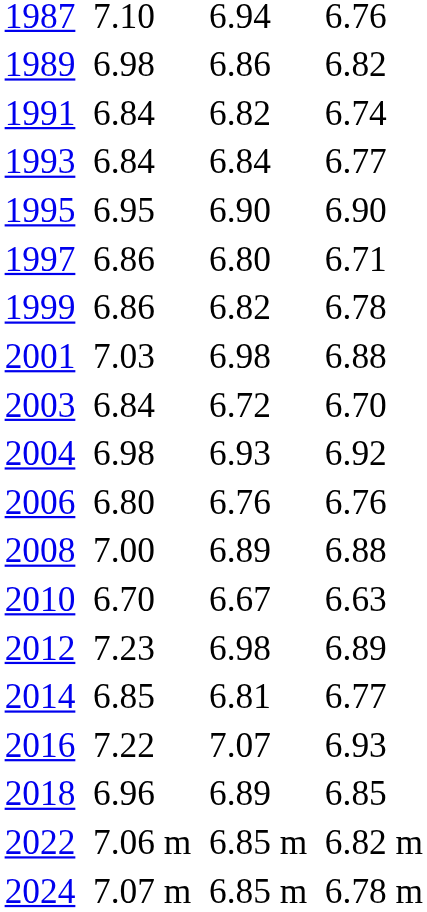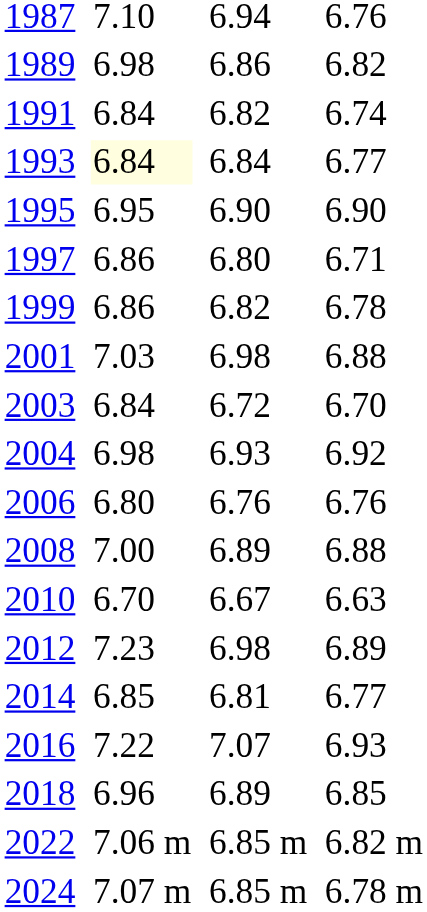 <table>
 <tr valign="top">
 <td><a href='#'>1987</a><br></td>
 <td></td>
 <td>7.10</td>
 <td></td>
 <td>6.94</td>
 <td></td>
 <td>6.76</td>
 </tr>
 <tr valign="top">
 <td><a href='#'>1989</a><br></td>
 <td></td>
 <td>6.98</td>
 <td></td>
 <td>6.86</td>
 <td></td>
 <td>6.82</td>
 </tr>
 <tr valign="top">
 <td><a href='#'>1991</a><br></td>
 <td></td>
 <td>6.84</td>
 <td></td>
 <td>6.82</td>
 <td></td>
 <td>6.74</td>
 </tr>
 <tr valign="top">
 <td><a href='#'>1993</a><br></td>
 <td></td>
-<td>6.84</td>
+<td style="background: lightyellow;">6.84</td>
 <td></td>
 <td>6.84 </td>
 <td></td>
 <td>6.77</td>
 </tr>
 <tr valign="top">
 <td><a href='#'>1995</a><br></td>
 <td></td>
 <td>6.95 </td>
 <td></td>
 <td>6.90 </td>
 <td></td>
 <td>6.90 </td>
 </tr>
 <tr valign="top">
 <td><a href='#'>1997</a><br></td>
 <td></td>
 <td>6.86  </td>
 <td></td>
 <td>6.80 </td>
 <td></td>
 <td>6.71  </td>
 </tr>
 <tr valign="top">
 <td><a href='#'>1999</a><br></td>
 <td></td>
 <td>6.86 </td>
 <td></td>
 <td>6.82 </td>
 <td></td>
 <td>6.78</td>
 </tr>
 <tr valign="top">
 <td><a href='#'>2001</a><br></td>
 <td></td>
 <td>7.03 </td>
 <td></td>
 <td>6.98 </td>
 <td></td>
 <td>6.88 </td>
 </tr>
 <tr valign="top">
 <td><a href='#'>2003</a><br></td>
 <td></td>
 <td>6.84 </td>
 <td></td>
 <td>6.72</td>
 <td></td>
 <td>6.70 </td>
 </tr>
 <tr valign="top">
 <td><a href='#'>2004</a><br></td>
 <td></td>
 <td>6.98 </td>
 <td></td>
 <td>6.93 </td>
 <td></td>
 <td>6.92 </td>
 </tr>
 <tr valign="top">
 <td><a href='#'>2006</a><br></td>
 <td></td>
 <td>6.80 </td>
 <td></td>
 <td>6.76 </td>
 <td></td>
 <td>6.76 </td>
 </tr>
 <tr valign="top">
 <td><a href='#'>2008</a><br></td>
 <td></td>
 <td>7.00 </td>
 <td></td>
 <td>6.89 </td>
 <td></td>
 <td>6.88</td>
 </tr>
 <tr valign="top">
 <td><a href='#'>2010</a><br></td>
 <td></td>
 <td>6.70</td>
 <td></td>
 <td>6.67</td>
 <td></td>
 <td>6.63 </td>
 </tr>
 <tr valign="top">
 <td><a href='#'>2012</a><br></td>
 <td></td>
 <td>7.23 </td>
 <td></td>
 <td>6.98 </td>
 <td></td>
 <td>6.89 </td>
 </tr>
 <tr valign="top">
 <td><a href='#'>2014</a><br></td>
 <td></td>
 <td>6.85</td>
 <td></td>
 <td>6.81 </td>
 <td></td>
 <td>6.77</td>
 </tr>
 <tr valign="top">
 <td><a href='#'>2016</a><br></td>
 <td></td>
 <td>7.22 </td>
 <td></td>
 <td>7.07 </td>
 <td></td>
 <td>6.93 </td>
 </tr>
 <tr valign="top">
 <td><a href='#'>2018</a><br></td>
 <td></td>
 <td>6.96 </td>
 <td></td>
 <td>6.89 </td>
 <td></td>
 <td>6.85 </td>
 </tr>
 <tr valign="top">
 <td><a href='#'>2022</a><br></td>
 <td></td>
 <td>7.06 m </td>
 <td></td>
 <td>6.85 m </td>
 <td></td>
 <td>6.82 m </td>
 </tr>
 <tr valign="top">
 <td><a href='#'>2024</a><br></td>
 <td></td>
 <td>7.07 m</td>
 <td></td>
 <td>6.85 m </td>
 <td></td>
 <td>6.78 m </td>
 </tr>
 </table>
